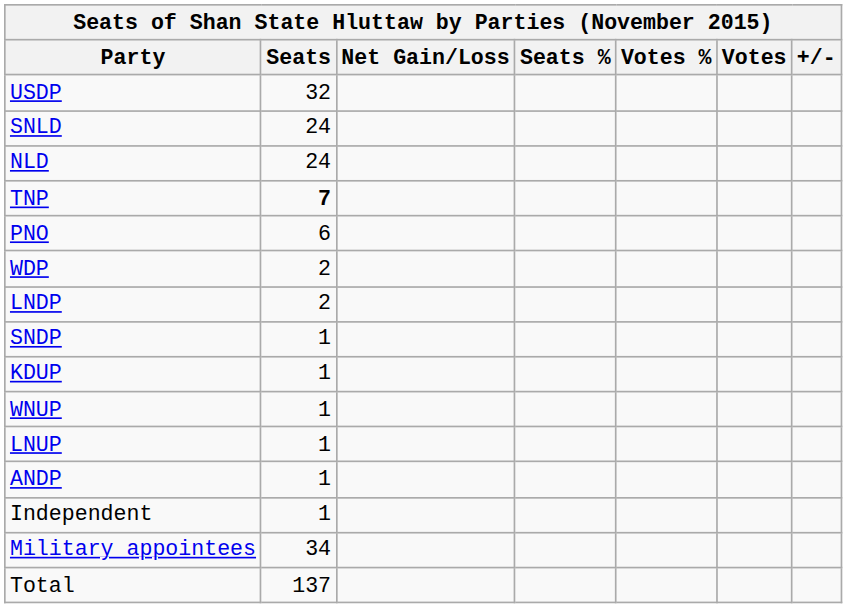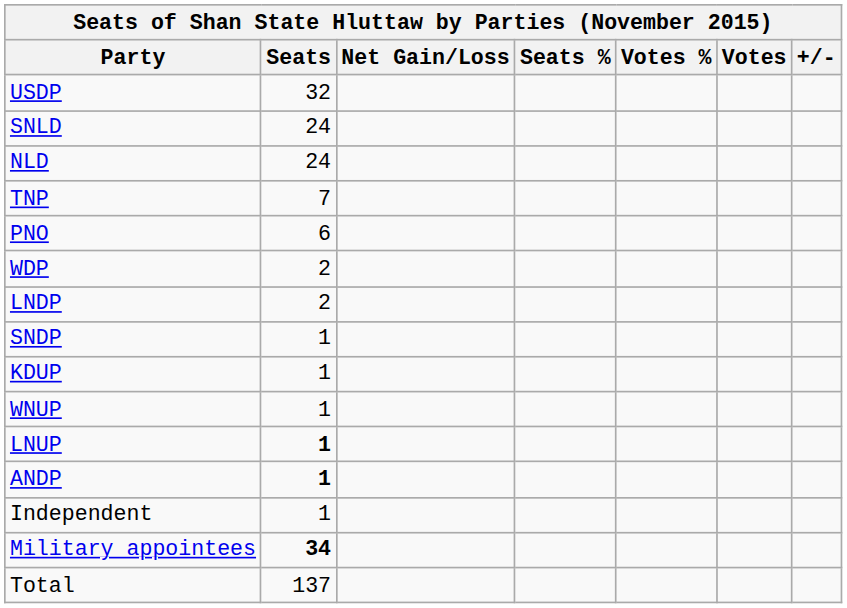 <table class="wikitable" style=text-align:right>
 <tr>
 <th colspan="7">Seats of Shan State Hluttaw by Parties (November 2015)</th>
 </tr>
 <tr>
 <th>Party</th>
 <th>Seats</th>
 <th>Net Gain/Loss</th>
 <th>Seats %</th>
 <th>Votes %</th>
 <th>Votes</th>
 <th>+/-</th>
 </tr>
 <tr>
 <td align=left><a href='#'>USDP</a></td>
 <td>32</td>
 <td></td>
 <td></td>
 <td></td>
 <td></td>
 <td></td>
 </tr>
 <tr>
 <td align=left><a href='#'>SNLD</a></td>
 <td>24</td>
 <td></td>
 <td></td>
 <td></td>
 <td></td>
 <td></td>
 </tr>
 <tr>
 <td align=left><a href='#'>NLD</a></td>
 <td>24</td>
 <td></td>
 <td></td>
 <td></td>
 <td></td>
 <td></td>
 </tr>
 <tr>
 <td align=left><a href='#'>TNP</a></td>
-<td><strong>7</strong></td>
+<td>7</td>
 <td></td>
 <td></td>
 <td></td>
 <td></td>
 <td></td>
 </tr>
 <tr>
 <td align=left><a href='#'>PNO</a></td>
 <td>6</td>
 <td></td>
 <td></td>
 <td></td>
 <td></td>
 <td></td>
 </tr>
 <tr>
 <td align=left><a href='#'>WDP</a></td>
 <td>2</td>
 <td></td>
 <td></td>
 <td></td>
 <td></td>
 <td></td>
 </tr>
 <tr>
 <td align=left><a href='#'>LNDP</a></td>
 <td>2</td>
 <td></td>
 <td></td>
 <td></td>
 <td></td>
 <td></td>
 </tr>
 <tr>
 <td align=left><a href='#'>SNDP</a></td>
 <td>1</td>
 <td></td>
 <td></td>
 <td></td>
 <td></td>
 <td></td>
 </tr>
 <tr>
 <td align=left><a href='#'>KDUP</a></td>
 <td>1</td>
 <td></td>
 <td></td>
 <td></td>
 <td></td>
 <td></td>
 </tr>
 <tr>
 <td align=left><a href='#'>WNUP</a></td>
 <td>1</td>
 <td></td>
 <td></td>
 <td></td>
 <td></td>
 <td></td>
 </tr>
 <tr>
 <td align=left><a href='#'>LNUP</a></td>
-<td>1</td>
+<td><strong>1</strong></td>
 <td></td>
 <td></td>
 <td></td>
 <td></td>
 <td></td>
 </tr>
 <tr>
 <td align=left><a href='#'>ANDP</a></td>
-<td>1</td>
+<td><strong>1</strong></td>
 <td></td>
 <td></td>
 <td></td>
 <td></td>
 <td></td>
 </tr>
 <tr>
 <td align=left>Independent</td>
 <td>1</td>
 <td></td>
 <td></td>
 <td></td>
 <td></td>
 <td></td>
 </tr>
 <tr>
 <td align=left><a href='#'>Military appointees</a></td>
-<td>34</td>
+<td><strong>34</strong></td>
 <td></td>
 <td></td>
 <td></td>
 <td></td>
 <td></td>
 </tr>
 <tr>
 <td align=left>Total</td>
 <td>137</td>
 <td></td>
 <td></td>
 <td></td>
 <td></td>
 <td></td>
 </tr>
 </table>
